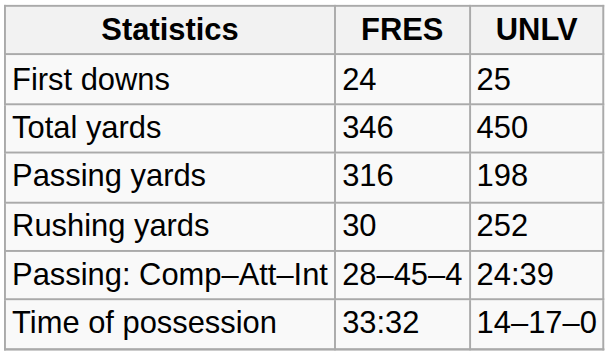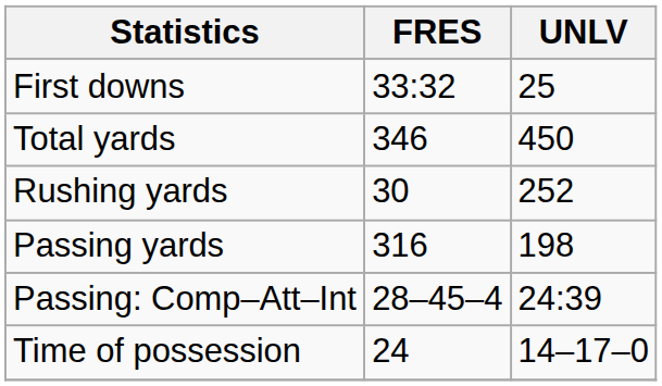 <table class="wikitable" style="float: left;">
 <tr>
 <th>Statistics</th>
 <th>FRES</th>
 <th>UNLV</th>
 </tr>
 <tr>
 <td>First downs</td>
-<td>24</td>
+<td>33:32</td>
 <td>25</td>
 </tr>
 <tr>
 <td>Total yards</td>
 <td>346</td>
 <td>450</td>
 </tr>
 <tr>
+<td>Rushing yards</td>
+<td>30</td>
+<td>252</td>
+</tr>
+<tr>
 <td>Passing yards</td>
 <td>316</td>
 <td>198</td>
-</tr>
-<tr>
-<td>Rushing yards</td>
-<td>30</td>
-<td>252</td>
 </tr>
 <tr>
 <td>Passing: Comp–Att–Int</td>
 <td>28–45–4</td>
 <td>24:39</td>
 </tr>
 <tr>
 <td>Time of possession</td>
-<td>33:32</td>
+<td>24</td>
 <td>14–17–0</td>
 </tr>
 <tr>
 </tr>
 </table>
